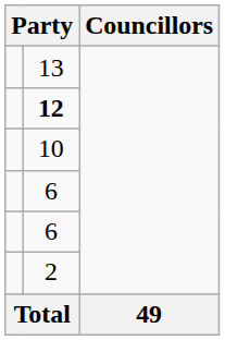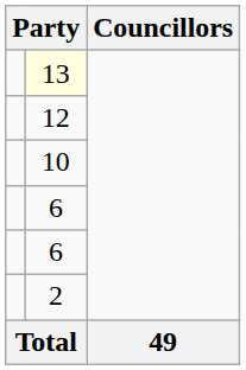 <table class="wikitable">
 <tr>
 <th colspan="2">Party</th>
 <th>Councillors</th>
 </tr>
 <tr>
 <td></td>
-<td align=center>13</td>
+<td align=center style="background: lightyellow;">13</td>
 </tr>
 <tr>
 <td></td>
-<td align=center><strong>12</strong></td>
+<td align=center>12</td>
 </tr>
 <tr>
 <td></td>
 <td align=center>10</td>
 </tr>
 <tr>
 <td></td>
 <td align=center>6</td>
 </tr>
 <tr>
 <td></td>
 <td align=center>6</td>
 </tr>
 <tr>
 <td></td>
 <td align=center>2</td>
 </tr>
 <tr>
 <th colspan=2>Total</th>
 <th>49</th>
 </tr>
 </table>
